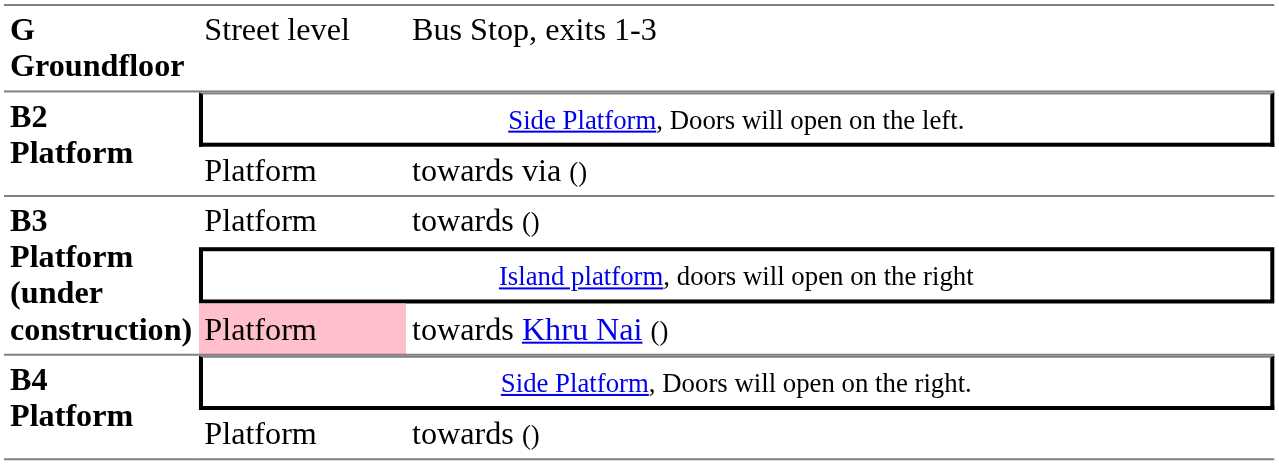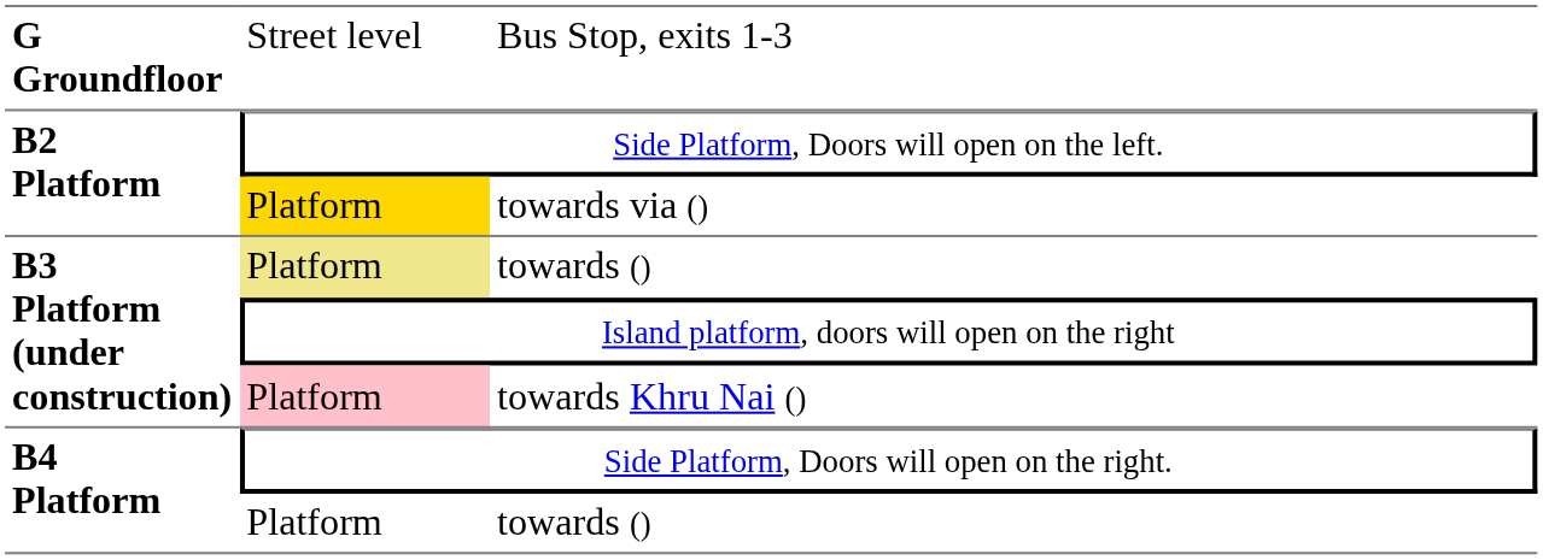 <table width=50% table border=0 cellspacing=0 cellpadding=3>
 <tr>
 <td style = "border-top:solid 1px gray;border-bottom:solid 1px gray;" valign=top><strong>G<br>Groundfloor<br></strong></td>
 <td style = "border-top:solid 1px gray;border-bottom:solid 1px gray;" valign=top>Street level</td>
 <td style = "border-top:solid 1px gray;border-bottom:solid 1px gray;" valign=top>Bus Stop, exits 1-3</td>
 </tr>
 <tr>
 <td style = "border-bottom:solid 1px gray;" rowspan=2 valign=top><strong>B2<br>Platform</strong></td>
 <td style = "border-top:solid 1px gray;border-right:solid 2px black;border-left:solid 2px black;border-bottom:solid 2px black; text-align:center;" colspan=2><small><a href='#'>Side Platform</a>, Doors will open on the left.</small></td>
 </tr>
 <tr>
-<td style = "border-bottom:solid 1px gray;">Platform </td>
+<td style = "background: gold; border-bottom:solid 1px gray;">Platform </td>
 <td style = "border-bottom:solid 1px gray;"> towards  via  <small>()</small></td>
 </tr>
 <tr>
 <td style = "border-bottom:solid 1px gray;" rowspan=3 valign=top><strong>B3<br>Platform (under construction)</strong></td>
-<td width=100>Platform </td>
+<td width=100 style="background: khaki;">Platform </td>
 <td width=450> towards  <small>()</small></td>
 </tr>
 <tr>
 <td style = "border-top:solid 2px black;border-right:solid 2px black;border-left:solid 2px black;border-bottom:solid 2px black; text-align:center;" colspan=2><small><a href='#'>Island platform</a>, doors will open on the right</small></td>
 </tr>
 <tr>
 <td style="background: pink; border-bottom:solid 1px gray;" width=100>Platform </td>
 <td style="border-bottom:solid 1px gray;" width=450> towards <a href='#'>Khru Nai</a> <small>()</small></td>
 </tr>
 <tr>
 <td style = "border-bottom:solid 1px gray;" rowspan=2 valign=top><strong>B4<br>Platform</strong></td>
 <td style = "border-top:solid 1px gray;border-right:solid 2px black;border-left:solid 2px black;border-bottom:solid 2px black; text-align:center;" colspan=2><small><a href='#'>Side Platform</a>, Doors will open on the right.</small></td>
 </tr>
 <tr>
 <td style = "border-bottom:solid 1px gray;">Platform </td>
 <td style = "border-bottom:solid 1px gray;"> towards  <small>()</small></td>
 </tr>
 </table>
